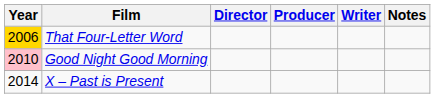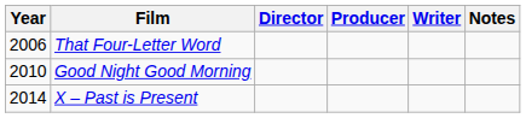 <table class="wikitable">
 <tr>
 <th>Year</th>
 <th>Film</th>
 <th><a href='#'>Director</a></th>
 <th><a href='#'>Producer</a></th>
 <th><a href='#'>Writer</a></th>
 <th>Notes</th>
 </tr>
 <tr>
-<td style="background: gold; text-align:center;">2006</td>
+<td style="text-align:center;">2006</td>
 <td><em><a href='#'>That Four-Letter Word</a></em></td>
 <td></td>
 <td></td>
 <td></td>
 <td></td>
 </tr>
 <tr>
-<td style="background: pink; text-align:center;">2010</td>
+<td style="text-align:center;">2010</td>
 <td><em><a href='#'>Good Night Good Morning</a></em></td>
 <td></td>
 <td></td>
 <td></td>
 <td></td>
 </tr>
 <tr>
 <td style="text-align:center;">2014</td>
 <td><em><a href='#'>X – Past is Present</a></em></td>
 <td></td>
 <td></td>
 <td></td>
 </tr>
 </table>
